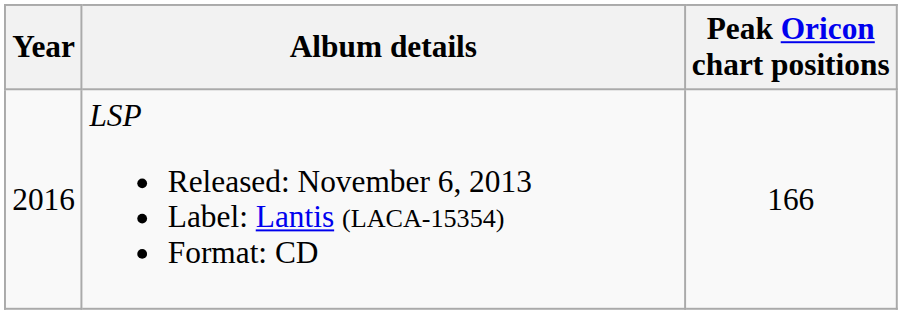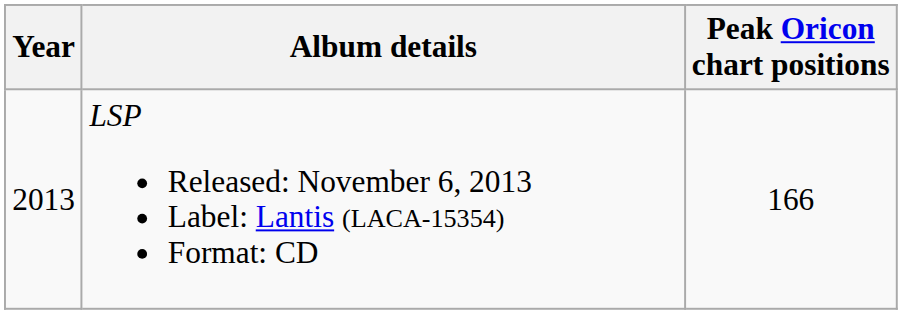 <table class="wikitable" border="1">
 <tr>
 <th rowspan="1">Year</th>
 <th rowspan="1" width="300">Album details</th>
 <th colspan="1">Peak <a href='#'>Oricon</a><br> chart positions</th>
 </tr>
 <tr>
-<td>2016</td>
+<td>2013</td>
 <td align="left"><em>LSP</em><br><ul><li>Released: November 6, 2013</li><li>Label: <a href='#'>Lantis</a> <small>(LACA-15354)</small></li><li>Format: CD</li></ul></td>
 <td align="center">166</td>
 </tr>
 </table>
